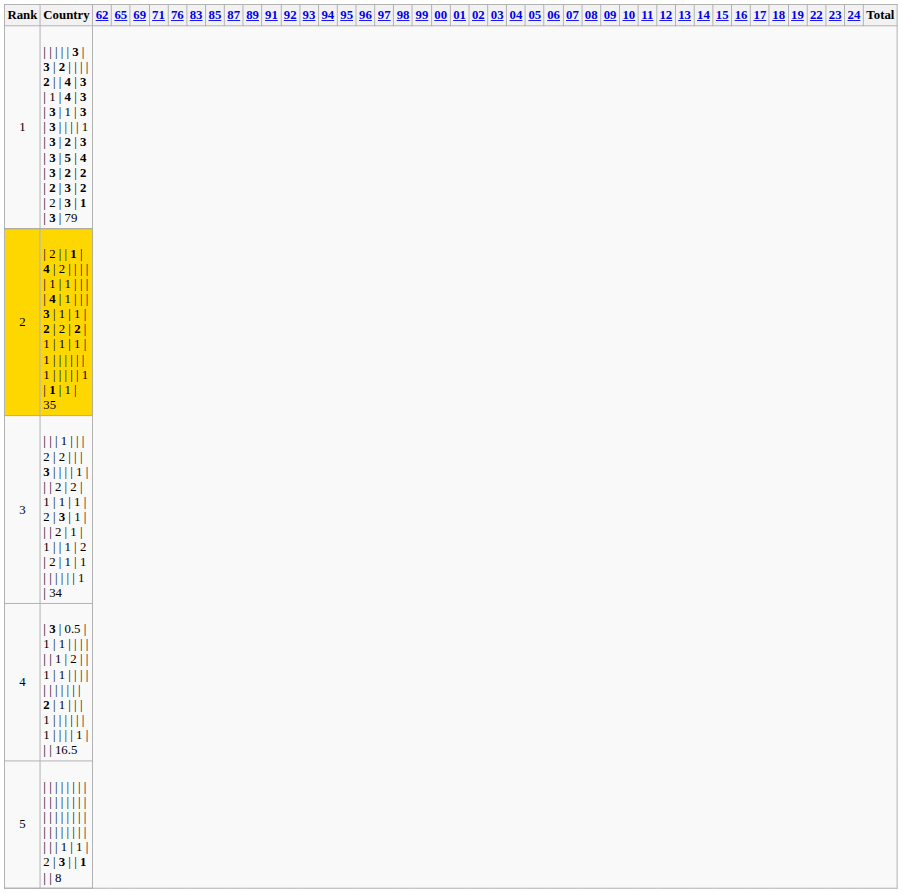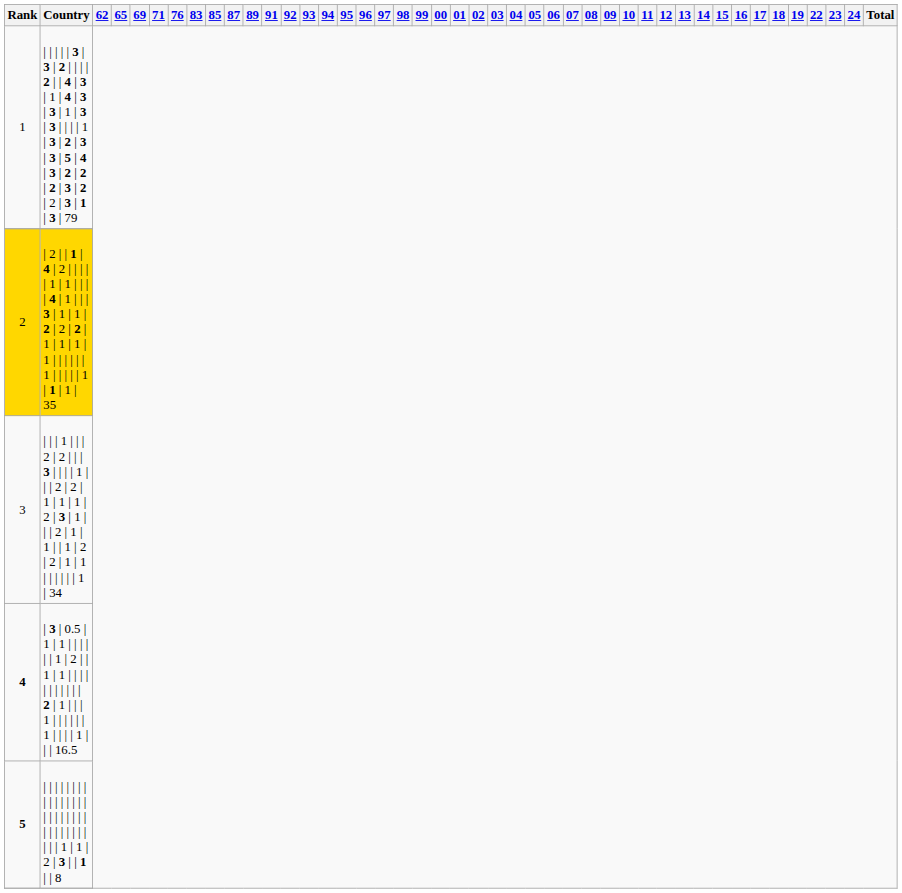 <table class=wikitable style="font-size:90%; text-align:center">
 <tr>
 <th>Rank</th>
 <th>Country</th>
 <th><a href='#'>62</a></th>
 <th><a href='#'>65</a></th>
 <th><a href='#'>69</a></th>
 <th><a href='#'>71</a></th>
 <th><a href='#'>76</a></th>
 <th><a href='#'>83</a></th>
 <th><a href='#'>85</a></th>
 <th><a href='#'>87</a></th>
 <th><a href='#'>89</a></th>
 <th><a href='#'>91</a></th>
 <th><a href='#'>92</a></th>
 <th><a href='#'>93</a></th>
 <th><a href='#'>94</a></th>
 <th><a href='#'>95</a></th>
 <th><a href='#'>96</a></th>
 <th><a href='#'>97</a></th>
 <th><a href='#'>98</a></th>
 <th><a href='#'>99</a></th>
 <th><a href='#'>00</a></th>
 <th><a href='#'>01</a></th>
 <th><a href='#'>02</a></th>
 <th><a href='#'>03</a></th>
 <th><a href='#'>04</a></th>
 <th><a href='#'>05</a></th>
 <th><a href='#'>06</a></th>
 <th><a href='#'>07</a></th>
 <th><a href='#'>08</a></th>
 <th><a href='#'>09</a></th>
 <th><a href='#'>10</a></th>
 <th><a href='#'>11</a></th>
 <th><a href='#'>12</a></th>
 <th><a href='#'>13</a></th>
 <th><a href='#'>14</a></th>
 <th><a href='#'>15</a></th>
 <th><a href='#'>16</a></th>
 <th><a href='#'>17</a></th>
 <th><a href='#'>18</a></th>
 <th><a href='#'>19</a></th>
 <th><a href='#'>22</a></th>
 <th><a href='#'>23</a></th>
 <th><a href='#'>24</a></th>
 <th>Total</th>
 </tr>
 <tr>
 <td>1</td>
 <td align="left"><br> |  |  |  |  | <strong>3</strong>  | <strong>3</strong>  | <strong>2</strong>  |  |  |  | <strong>2</strong>  |  | <strong>4</strong>  | <strong>3</strong>  | 1  | <strong>4</strong>  | <strong>3</strong>  | <strong>3</strong>  | 1  | <strong>3</strong>  | <strong>3</strong>  |  |  |  | 1  | <strong>3</strong>  | <strong>2</strong>  | <strong>3</strong>  | <strong>3</strong>  | <strong>5</strong>  | <strong>4</strong>  | <strong>3</strong>  | <strong>2</strong>  | <strong>2</strong>  | <strong>2</strong>  | <strong>3</strong>  | <strong>2</strong>  | 2  | <strong>3</strong>  | <strong>1</strong>  | <strong>3</strong>  | 79</td>
 </tr>
 <tr>
 </tr>
 <tr style="background:gold;">
 <td>2</td>
 <td align="left"><br> | 2  |  | <strong>1</strong>  | <strong>4</strong>  | 2  |  |  |  |  | 1  | 1  |  |  |  | <strong>4</strong>  | 1  |  |  | <strong>3</strong>  | 1  | 1  | <strong>2</strong>  | 2  | <strong>2</strong>  | 1  | 1  | 1  | 1  |  |  |  |  |  | 1  |  |  |  |  | 1  | <strong>1</strong>  | 1  | 35</td>
 </tr>
 <tr>
 <td>3</td>
 <td align="left"><br> |  |  | 1  |  |  | 2  | 2  |  |  | <strong>3</strong>  |  |  |  | 1  |  |  | 2  | 2  | 1  | 1  | 1  | 2  | <strong>3</strong>  | 1  |  |  | 2  | 1  | 1  |  | 1  | 2  | 2  | 1  | 1  |  |  |  |  |  | 1  | 34</td>
 </tr>
 <tr>
-<td>4</td>
+<td><strong>4</strong></td>
 <td align="left"><br> | <strong>3</strong>  | 0.5  | 1  | 1  |  |  |  |  |  | 1  | 2  |  | 1  | 1  |  |  |  |  |  |  |  |  |  |  | <strong>2</strong>  | 1  |  |  | 1  |  |  |  |  |  | 1  |  |  |  | 1  |  |  | 16.5</td>
 </tr>
 <tr>
-<td>5</td>
+<td><strong>5</strong></td>
 <td align="left"><br> |  |  |  |  |  |  |  |  |  |  |  |  |  |  |  |  |  |  |  |  |  |  |  |  |  |  |  |  |  |  |  |  |  |  | 1  | 1  | 2  | <strong>3</strong>  |  | <strong>1</strong>  |  | 8</td>
 </tr>
 <tr>
 </tr>
 </table>
